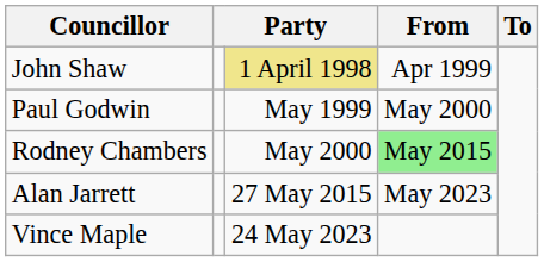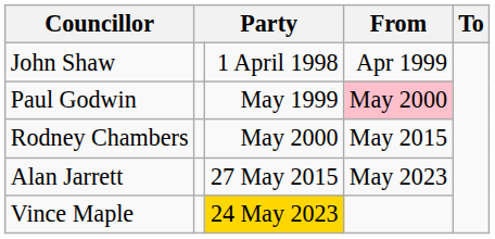 <table class=wikitable>
 <tr>
 <th>Councillor</th>
 <th colspan=2>Party</th>
 <th>From</th>
 <th>To</th>
 </tr>
 <tr>
 <td>John Shaw</td>
 <td></td>
-<td align=right style="background: khaki;">1 April 1998</td>
+<td align=right>1 April 1998</td>
 <td align=right>Apr 1999</td>
 </tr>
 <tr>
 <td>Paul Godwin</td>
 <td></td>
 <td align=right>May 1999</td>
-<td align=right>May 2000</td>
+<td align=right style="background: pink;">May 2000</td>
 </tr>
 <tr>
 <td>Rodney Chambers</td>
 <td></td>
 <td align=right>May 2000</td>
-<td align=right style="background: lightgreen;">May 2015</td>
+<td align=right>May 2015</td>
 </tr>
 <tr>
 <td>Alan Jarrett</td>
 <td></td>
 <td align=right>27 May 2015</td>
 <td align=right>May 2023</td>
 </tr>
 <tr>
 <td>Vince Maple</td>
 <td></td>
-<td align=right>24 May 2023</td>
+<td align=right style="background: gold;">24 May 2023</td>
 <td></td>
 </tr>
 </table>
